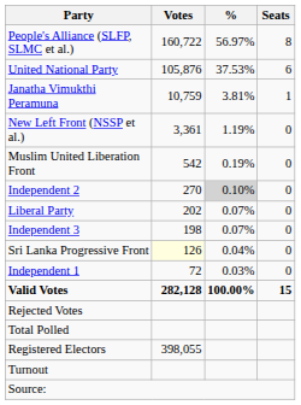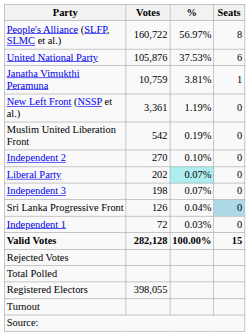 <table class="wikitable" border="1" style="text-align:right;">
 <tr>
 <th align=left width="180">Party</th>
 <th align=center width="60">Votes</th>
 <th align=centerwidth="60">%</th>
 <th align=center width="40">Seats</th>
 </tr>
 <tr>
 <td align=left><a href='#'>People's Alliance</a> (<a href='#'>SLFP</a>, <a href='#'>SLMC</a> et al.)</td>
 <td>160,722</td>
 <td>56.97%</td>
 <td>8</td>
 </tr>
 <tr>
 <td align=left><a href='#'>United National Party</a></td>
 <td>105,876</td>
 <td>37.53%</td>
 <td>6</td>
 </tr>
 <tr>
 <td align=left><a href='#'>Janatha Vimukthi Peramuna</a></td>
 <td>10,759</td>
 <td>3.81%</td>
 <td>1</td>
 </tr>
 <tr>
 <td align=left><a href='#'>New Left Front</a> (<a href='#'>NSSP</a> et al.)</td>
 <td>3,361</td>
 <td>1.19%</td>
 <td>0</td>
 </tr>
 <tr>
 <td align=left>Muslim United Liberation Front</td>
 <td>542</td>
 <td>0.19%</td>
 <td>0</td>
 </tr>
 <tr>
 <td align=left><a href='#'>Independent 2</a></td>
 <td>270</td>
-<td style="background: lightgrey;">0.10%</td>
+<td>0.10%</td>
 <td>0</td>
 </tr>
 <tr>
 <td align=left><a href='#'>Liberal Party</a></td>
 <td>202</td>
-<td>0.07%</td>
+<td style="background: paleturquoise;">0.07%</td>
 <td>0</td>
 </tr>
 <tr>
 <td align=left><a href='#'>Independent 3</a></td>
 <td>198</td>
 <td>0.07%</td>
 <td>0</td>
 </tr>
 <tr>
 <td align=left>Sri Lanka Progressive Front</td>
-<td style="background: lightyellow;">126</td>
+<td>126</td>
 <td>0.04%</td>
-<td>0</td>
+<td style="background: lightblue;">0</td>
 </tr>
 <tr>
 <td align=left><a href='#'>Independent 1</a></td>
 <td>72</td>
 <td>0.03%</td>
 <td>0</td>
 </tr>
 <tr>
 <td align=left><strong>Valid Votes</strong></td>
 <td><strong>282,128</strong></td>
 <td><strong>100.00%</strong></td>
 <td><strong>15</strong></td>
 </tr>
 <tr>
 <td align=left>Rejected Votes</td>
 <td></td>
 <td></td>
 <td></td>
 </tr>
 <tr>
 <td align=left>Total Polled</td>
 <td></td>
 <td></td>
 <td></td>
 </tr>
 <tr>
 <td align=left>Registered Electors</td>
 <td>398,055</td>
 <td></td>
 <td></td>
 </tr>
 <tr>
 <td align=left>Turnout</td>
 <td></td>
 <td></td>
 <td></td>
 </tr>
 <tr>
 <td align=left colspan=4>Source:</td>
 </tr>
 </table>
